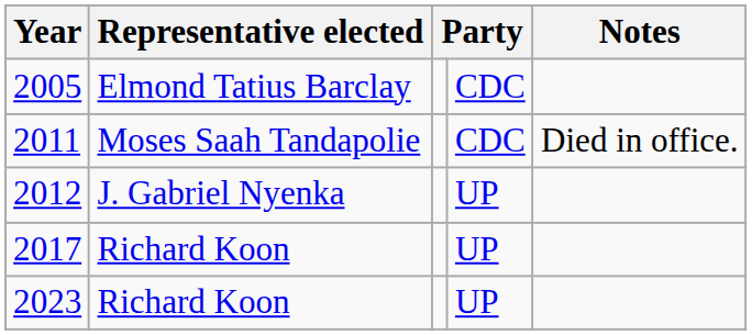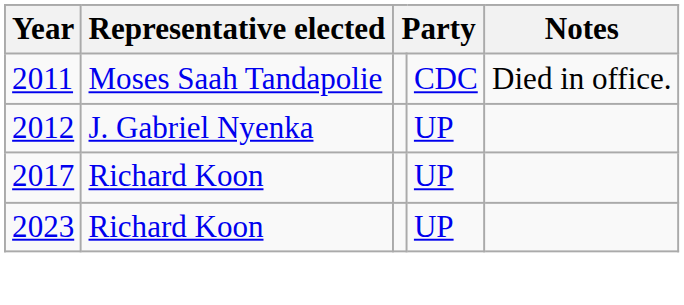 <table class="wikitable">
 <tr>
 <th>Year</th>
 <th>Representative elected</th>
 <th colspan=2>Party</th>
 <th>Notes</th>
-</tr>
-<tr>
-<td><a href='#'>2005</a></td>
-<td><a href='#'>Elmond Tatius Barclay</a></td>
-<td></td>
-<td><a href='#'>CDC</a></td>
-<td></td>
 </tr>
 <tr>
 <td><a href='#'>2011</a></td>
 <td><a href='#'>Moses Saah Tandapolie</a></td>
 <td></td>
 <td><a href='#'>CDC</a></td>
 <td>Died in office.</td>
 </tr>
 <tr>
 <td><a href='#'>2012</a></td>
 <td><a href='#'>J. Gabriel Nyenka</a></td>
 <td></td>
 <td><a href='#'>UP</a></td>
 <td></td>
 </tr>
 <tr>
 <td><a href='#'>2017</a></td>
 <td><a href='#'>Richard Koon</a></td>
 <td></td>
 <td><a href='#'>UP</a></td>
 <td></td>
 </tr>
 <tr>
 <td><a href='#'>2023</a></td>
 <td><a href='#'>Richard Koon</a></td>
 <td></td>
 <td><a href='#'>UP</a></td>
 <td></td>
 </tr>
 </table>
